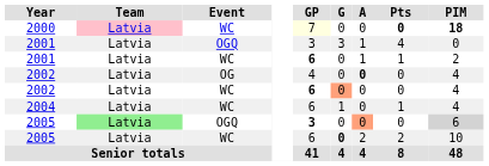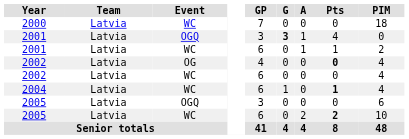 <table border="0" cellpadding="1" cellspacing="0" style="text-align:center; width:40em">
 <tr ALIGN="center" bgcolor="#e0e0e0">
 <th>Year</th>
 <th>Team</th>
 <th>Event</th>
 <th rowspan="99" bgcolor="#ffffff"> </th>
 <th>GP</th>
 <th>G</th>
 <th>A</th>
 <th>Pts</th>
 <th>PIM</th>
 </tr>
 <tr>
 <td><a href='#'>2000</a></td>
-<td style="background: pink;"><a href='#'>Latvia</a></td>
+<td><a href='#'>Latvia</a></td>
 <td><a href='#'>WC</a></td>
-<td style="background: lightyellow;">7</td>
+<td>7</td>
 <td>0</td>
 <td>0</td>
-<td><strong>0</strong></td>
-<td><strong>18</strong></td>
+<td>0</td>
+<td>18</td>
 </tr>
 <tr bgcolor="#f0f0f0">
 <td><a href='#'>2001</a></td>
 <td>Latvia</td>
 <td><a href='#'>OGQ</a></td>
 <td>3</td>
-<td>3</td>
+<td><strong>3</strong></td>
 <td>1</td>
 <td>4</td>
 <td>0</td>
 </tr>
 <tr>
 <td><a href='#'>2001</a></td>
 <td>Latvia</td>
 <td>WC</td>
-<td><strong>6</strong></td>
+<td>6</td>
 <td>0</td>
 <td>1</td>
 <td>1</td>
 <td>2</td>
 </tr>
 <tr bgcolor="#f0f0f0">
 <td><a href='#'>2002</a></td>
 <td>Latvia</td>
 <td>OG</td>
 <td>4</td>
 <td>0</td>
+<td>0</td>
 <td><strong>0</strong></td>
-<td>0</td>
 <td>4</td>
 </tr>
 <tr>
 <td><a href='#'>2002</a></td>
 <td>Latvia</td>
 <td>WC</td>
-<td><strong>6</strong></td>
-<td style="background: lightsalmon;">0</td>
+<td>6</td>
+<td>0</td>
 <td>0</td>
 <td>0</td>
 <td>4</td>
 </tr>
 <tr bgcolor="#f0f0f0">
 <td><a href='#'>2004</a></td>
 <td>Latvia</td>
 <td>WC</td>
 <td>6</td>
 <td>1</td>
 <td>0</td>
-<td>1</td>
+<td><strong>1</strong></td>
 <td>4</td>
 </tr>
 <tr>
 <td><a href='#'>2005</a></td>
-<td style="background: lightgreen;">Latvia</td>
+<td>Latvia</td>
 <td>OGQ</td>
-<td><strong>3</strong></td>
+<td>3</td>
 <td>0</td>
-<td style="background: lightsalmon;">0</td>
 <td>0</td>
-<td style="background: lightgrey;">6</td>
+<td>0</td>
+<td>6</td>
 </tr>
 <tr bgcolor="#f0f0f0">
 <td><a href='#'>2005</a></td>
 <td>Latvia</td>
 <td>WC</td>
 <td>6</td>
-<td><strong>0</strong></td>
+<td>0</td>
 <td>2</td>
-<td>2</td>
+<td><strong>2</strong></td>
 <td>10</td>
 </tr>
 <tr bgcolor="#e0e0e0">
 <th colspan=3>Senior totals</th>
 <th>41</th>
 <th>4</th>
 <th>4</th>
 <th>8</th>
 <th>48</th>
 </tr>
 </table>
